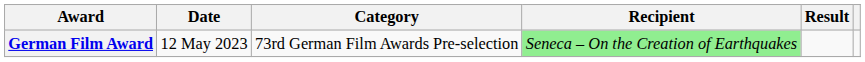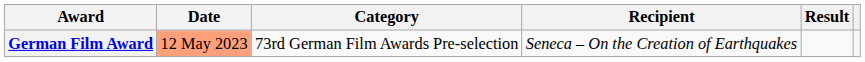 <table class="wikitable plainrowheaders">
 <tr>
 <th>Award</th>
 <th>Date</th>
 <th>Category</th>
 <th>Recipient</th>
 <th>Result</th>
 <th></th>
 </tr>
 <tr>
 <th scope="row"><a href='#'>German Film Award</a></th>
-<td>12 May 2023</td>
+<td style="background: lightsalmon;">12 May 2023</td>
 <td>73rd German Film Awards Pre-selection</td>
-<td style="background: lightgreen;"><em>Seneca – On the Creation of Earthquakes</em></td>
+<td><em>Seneca – On the Creation of Earthquakes</em></td>
 <td></td>
 <td align="center" rowspan="1"></td>
 </tr>
 <tr>
 </tr>
 </table>
